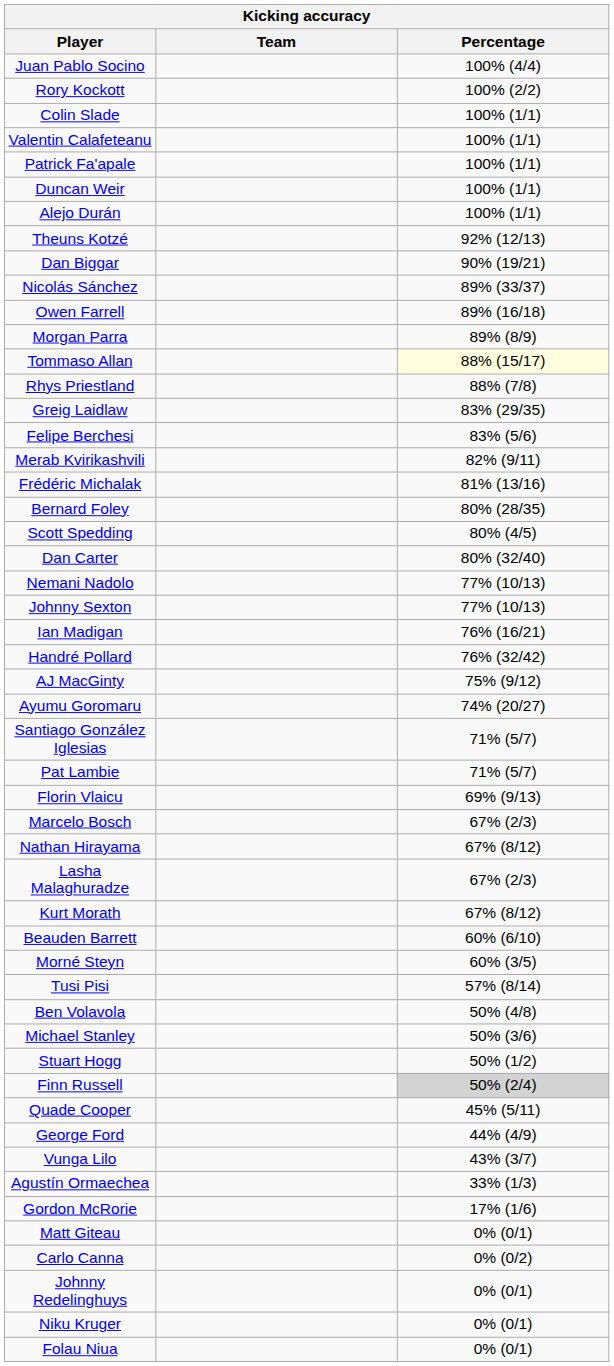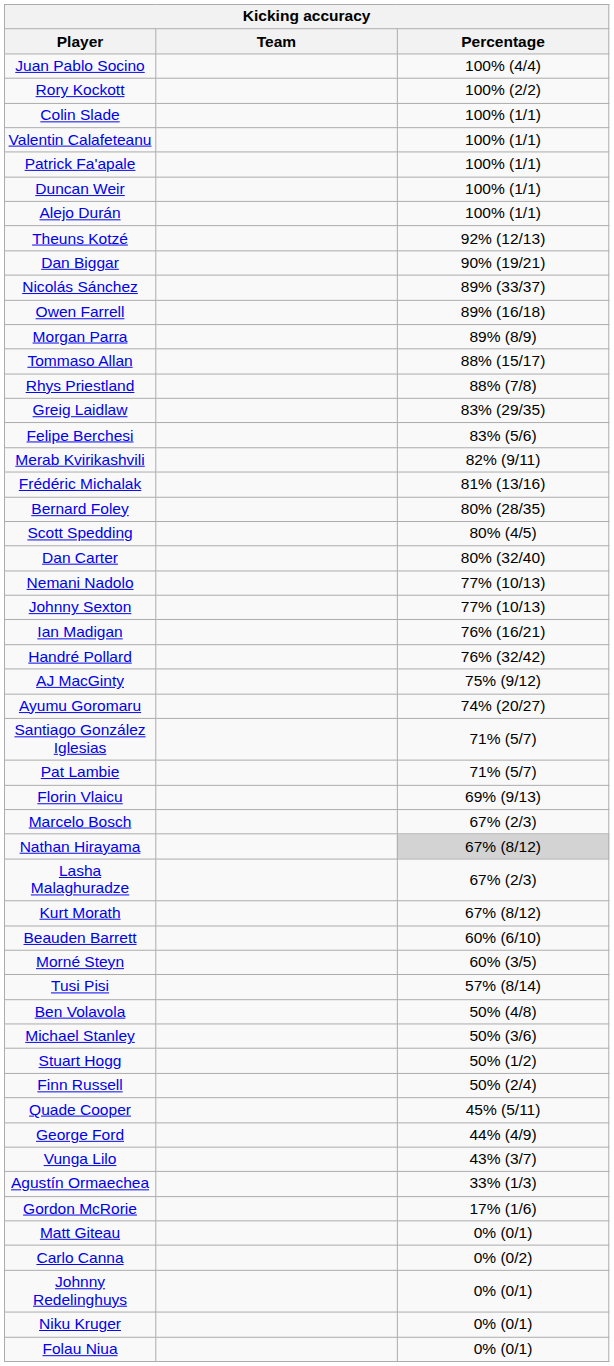 <table class="wikitable sortable collapsible collapsed" style="text-align:center;width:100%">
 <tr>
 <th colspan=100%>Kicking accuracy</th>
 </tr>
 <tr>
 <th style="width:25%">Player</th>
 <th style="width:40%">Team</th>
 <th style="width:35%">Percentage</th>
 </tr>
 <tr>
 <td><a href='#'>Juan Pablo Socino</a></td>
 <td align=left></td>
 <td>100% (4/4)</td>
 </tr>
 <tr>
 <td><a href='#'>Rory Kockott</a></td>
 <td align=left></td>
 <td>100% (2/2)</td>
 </tr>
 <tr>
 <td><a href='#'>Colin Slade</a></td>
 <td align=left></td>
 <td>100% (1/1)</td>
 </tr>
 <tr>
 <td><a href='#'>Valentin Calafeteanu</a></td>
 <td align=left></td>
 <td>100% (1/1)</td>
 </tr>
 <tr>
 <td><a href='#'>Patrick Fa'apale</a></td>
 <td align=left></td>
 <td>100% (1/1)</td>
 </tr>
 <tr>
 <td><a href='#'>Duncan Weir</a></td>
 <td align=left></td>
 <td>100% (1/1)</td>
 </tr>
 <tr>
 <td><a href='#'>Alejo Durán</a></td>
 <td align=left></td>
 <td>100% (1/1)</td>
 </tr>
 <tr>
 <td><a href='#'>Theuns Kotzé</a></td>
 <td align=left></td>
 <td>92% (12/13)</td>
 </tr>
 <tr>
 <td><a href='#'>Dan Biggar</a></td>
 <td align=left></td>
 <td>90% (19/21)</td>
 </tr>
 <tr>
 <td><a href='#'>Nicolás Sánchez</a></td>
 <td align=left></td>
 <td>89% (33/37)</td>
 </tr>
 <tr>
 <td><a href='#'>Owen Farrell</a></td>
 <td align=left></td>
 <td>89% (16/18)</td>
 </tr>
 <tr>
 <td><a href='#'>Morgan Parra</a></td>
 <td align=left></td>
 <td>89% (8/9)</td>
 </tr>
 <tr>
 <td><a href='#'>Tommaso Allan</a></td>
 <td align=left></td>
-<td style="background: lightyellow;">88% (15/17)</td>
+<td>88% (15/17)</td>
 </tr>
 <tr>
 <td><a href='#'>Rhys Priestland</a></td>
 <td align=left></td>
 <td>88% (7/8)</td>
 </tr>
 <tr>
 <td><a href='#'>Greig Laidlaw</a></td>
 <td align=left></td>
 <td>83% (29/35)</td>
 </tr>
 <tr>
 <td><a href='#'>Felipe Berchesi</a></td>
 <td align=left></td>
 <td>83% (5/6)</td>
 </tr>
 <tr>
 <td><a href='#'>Merab Kvirikashvili</a></td>
 <td align=left></td>
 <td>82% (9/11)</td>
 </tr>
 <tr>
 <td><a href='#'>Frédéric Michalak</a></td>
 <td align=left></td>
 <td>81% (13/16)</td>
 </tr>
 <tr>
 <td><a href='#'>Bernard Foley</a></td>
 <td align=left></td>
 <td>80% (28/35)</td>
 </tr>
 <tr>
 <td><a href='#'>Scott Spedding</a></td>
 <td align=left></td>
 <td>80% (4/5)</td>
 </tr>
 <tr>
 <td><a href='#'>Dan Carter</a></td>
 <td align=left></td>
 <td>80% (32/40)</td>
 </tr>
 <tr>
 <td><a href='#'>Nemani Nadolo</a></td>
 <td align=left></td>
 <td>77% (10/13)</td>
 </tr>
 <tr>
 <td><a href='#'>Johnny Sexton</a></td>
 <td align=left></td>
 <td>77% (10/13)</td>
 </tr>
 <tr>
 <td><a href='#'>Ian Madigan</a></td>
 <td align=left></td>
 <td>76% (16/21)</td>
 </tr>
 <tr>
 <td><a href='#'>Handré Pollard</a></td>
 <td align=left></td>
 <td>76% (32/42)</td>
 </tr>
 <tr>
 <td><a href='#'>AJ MacGinty</a></td>
 <td align=left></td>
 <td>75% (9/12)</td>
 </tr>
 <tr>
 <td><a href='#'>Ayumu Goromaru</a></td>
 <td align=left></td>
 <td>74% (20/27)</td>
 </tr>
 <tr>
 <td><a href='#'>Santiago González Iglesias</a></td>
 <td align=left></td>
 <td>71% (5/7)</td>
 </tr>
 <tr>
 <td><a href='#'>Pat Lambie</a></td>
 <td align=left></td>
 <td>71% (5/7)</td>
 </tr>
 <tr>
 <td><a href='#'>Florin Vlaicu</a></td>
 <td align=left></td>
 <td>69% (9/13)</td>
 </tr>
 <tr>
 <td><a href='#'>Marcelo Bosch</a></td>
 <td align=left></td>
 <td>67% (2/3)</td>
 </tr>
 <tr>
 <td><a href='#'>Nathan Hirayama</a></td>
 <td align=left></td>
-<td>67% (8/12)</td>
+<td style="background: lightgrey;">67% (8/12)</td>
 </tr>
 <tr>
 <td><a href='#'>Lasha Malaghuradze</a></td>
 <td align=left></td>
 <td>67% (2/3)</td>
 </tr>
 <tr>
 <td><a href='#'>Kurt Morath</a></td>
 <td align=left></td>
 <td>67% (8/12)</td>
 </tr>
 <tr>
 <td><a href='#'>Beauden Barrett</a></td>
 <td align=left></td>
 <td>60% (6/10)</td>
 </tr>
 <tr>
 <td><a href='#'>Morné Steyn</a></td>
 <td align=left></td>
 <td>60% (3/5)</td>
 </tr>
 <tr>
 <td><a href='#'>Tusi Pisi</a></td>
 <td align=left></td>
 <td>57% (8/14)</td>
 </tr>
 <tr>
 <td><a href='#'>Ben Volavola</a></td>
 <td align=left></td>
 <td>50% (4/8)</td>
 </tr>
 <tr>
 <td><a href='#'>Michael Stanley</a></td>
 <td align=left></td>
 <td>50% (3/6)</td>
 </tr>
 <tr>
 <td><a href='#'>Stuart Hogg</a></td>
 <td align=left></td>
 <td>50% (1/2)</td>
 </tr>
 <tr>
 <td><a href='#'>Finn Russell</a></td>
 <td align=left></td>
-<td style="background: lightgrey;">50% (2/4)</td>
+<td>50% (2/4)</td>
 </tr>
 <tr>
 <td><a href='#'>Quade Cooper</a></td>
 <td align=left></td>
 <td>45% (5/11)</td>
 </tr>
 <tr>
 <td><a href='#'>George Ford</a></td>
 <td align=left></td>
 <td>44% (4/9)</td>
 </tr>
 <tr>
 <td><a href='#'>Vunga Lilo</a></td>
 <td align=left></td>
 <td>43% (3/7)</td>
 </tr>
 <tr>
 <td><a href='#'>Agustín Ormaechea</a></td>
 <td align=left></td>
 <td>33% (1/3)</td>
 </tr>
 <tr>
 <td><a href='#'>Gordon McRorie</a></td>
 <td align=left></td>
 <td>17% (1/6)</td>
 </tr>
 <tr>
 <td><a href='#'>Matt Giteau</a></td>
 <td align=left></td>
 <td>0% (0/1)</td>
 </tr>
 <tr>
 <td><a href='#'>Carlo Canna</a></td>
 <td align=left></td>
 <td>0% (0/2)</td>
 </tr>
 <tr>
 <td><a href='#'>Johnny Redelinghuys</a></td>
 <td align=left></td>
 <td>0% (0/1)</td>
 </tr>
 <tr>
 <td><a href='#'>Niku Kruger</a></td>
 <td align=left></td>
 <td>0% (0/1)</td>
 </tr>
 <tr>
 <td><a href='#'>Folau Niua</a></td>
 <td align=left></td>
 <td>0% (0/1)</td>
 </tr>
 </table>
